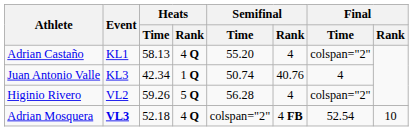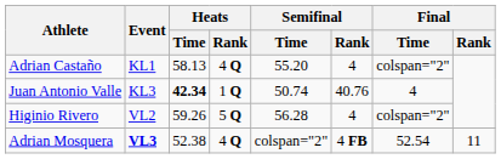 <table class="wikitable" style="font-size:90%">
 <tr>
 <th rowspan="2">Athlete</th>
 <th rowspan="2">Event</th>
 <th colspan="2">Heats</th>
 <th colspan="2">Semifinal</th>
 <th colspan="2">Final</th>
 </tr>
 <tr>
 <th>Time</th>
 <th>Rank</th>
 <th>Time</th>
 <th>Rank</th>
 <th>Time</th>
 <th>Rank</th>
 </tr>
 <tr align=center>
 <td align=left><a href='#'>Adrian Castaño</a></td>
 <td align=left><a href='#'>KL1</a></td>
 <td>58.13</td>
 <td>4 <strong>Q</strong></td>
 <td>55.20</td>
 <td>4</td>
 <td>colspan="2" </td>
 </tr>
 <tr align=center>
 <td align=left><a href='#'>Juan Antonio Valle</a></td>
 <td align=left><a href='#'>KL3</a></td>
-<td>42.34</td>
+<td><strong>42.34</strong></td>
 <td>1 <strong>Q</strong></td>
 <td>50.74</td>
 <td>40.76</td>
 <td>4</td>
 </tr>
 <tr align=center>
 <td align=left><a href='#'>Higinio Rivero</a></td>
 <td align=left><a href='#'>VL2</a></td>
 <td>59.26</td>
 <td>5 <strong>Q</strong></td>
 <td>56.28</td>
 <td>4</td>
 <td>colspan="2" </td>
 </tr>
 <tr align=center>
 <td align=left><a href='#'>Adrian Mosquera</a></td>
 <td align=left><strong><a href='#'>VL3</a></strong></td>
-<td>52.18</td>
+<td>52.38</td>
 <td>4 <strong>Q</strong></td>
 <td>colspan="2" </td>
 <td>4 <strong>FB</strong></td>
 <td>52.54</td>
-<td>10</td>
+<td>11</td>
 </tr>
 </table>
